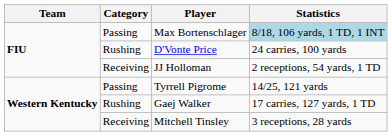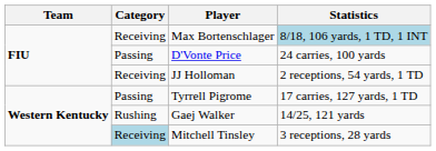 <table class="wikitable" style="float: left;">
 <tr>
 <th>Team</th>
 <th>Category</th>
 <th>Player</th>
 <th>Statistics</th>
 </tr>
 <tr>
 <td rowspan=3><strong>FIU</strong></td>
-<td>Passing</td>
+<td>Receiving</td>
 <td>Max Bortenschlager</td>
 <td style="background: lightblue;">8/18, 106 yards, 1 TD, 1 INT</td>
 </tr>
 <tr>
-<td>Rushing</td>
+<td>Passing</td>
 <td><a href='#'>D'Vonte Price</a></td>
 <td>24 carries, 100 yards</td>
 </tr>
 <tr>
 <td>Receiving</td>
 <td>JJ Holloman</td>
 <td>2 receptions, 54 yards, 1 TD</td>
 </tr>
 <tr>
 <td rowspan=3><strong>Western Kentucky</strong></td>
 <td>Passing</td>
 <td>Tyrrell Pigrome</td>
-<td>14/25, 121 yards</td>
+<td>17 carries, 127 yards, 1 TD</td>
 </tr>
 <tr>
 <td>Rushing</td>
 <td>Gaej Walker</td>
-<td>17 carries, 127 yards, 1 TD</td>
+<td>14/25, 121 yards</td>
 </tr>
 <tr>
-<td>Receiving</td>
+<td style="background: lightblue;">Receiving</td>
 <td>Mitchell Tinsley</td>
 <td>3 receptions, 28 yards</td>
 </tr>
 </table>
